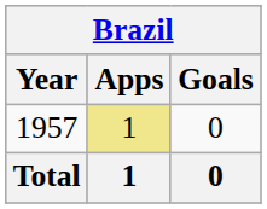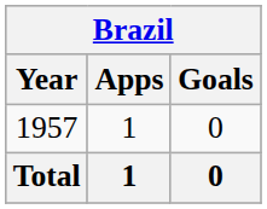 <table class="wikitable" style="text-align:center">
 <tr>
 <th colspan=3><a href='#'>Brazil</a></th>
 </tr>
 <tr>
 <th>Year</th>
 <th>Apps</th>
 <th>Goals</th>
 </tr>
 <tr>
 <td>1957</td>
-<td style="background: khaki;">1</td>
+<td>1</td>
 <td>0</td>
 </tr>
 <tr>
 <th>Total</th>
 <th>1</th>
 <th>0</th>
 </tr>
 </table>
